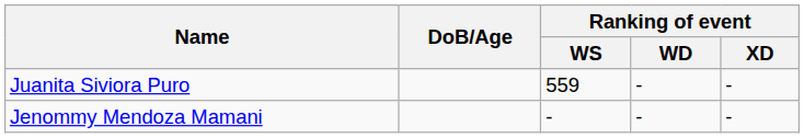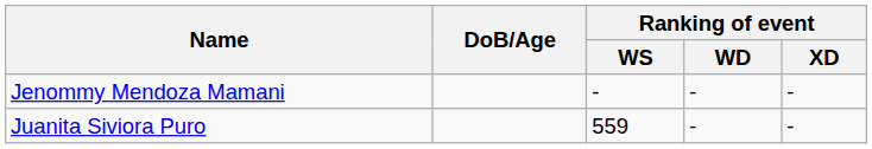 <table class="wikitable" style="width:600px; font-size:95%;">
 <tr>
 <th rowspan="2" align="left">Name</th>
 <th rowspan="2" align="left">DoB/Age</th>
 <th colspan="3" align="center">Ranking of event</th>
 </tr>
 <tr>
 <th align="center">WS</th>
 <th>WD</th>
 <th align="center">XD</th>
 </tr>
 <tr>
+<td><a href='#'>Jenommy Mendoza Mamani</a></td>
+<td></td>
+<td>-</td>
+<td>-</td>
+<td>-</td>
+</tr>
+<tr>
 <td><a href='#'>Juanita Siviora Puro</a></td>
 <td></td>
 <td>559</td>
 <td>-</td>
 <td>-</td>
 </tr>
-<tr>
-<td><a href='#'>Jenommy Mendoza Mamani</a></td>
-<td></td>
-<td>-</td>
-<td>-</td>
-<td>-</td>
-</tr>
 </table>
